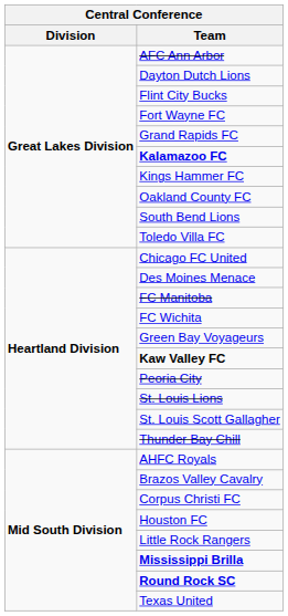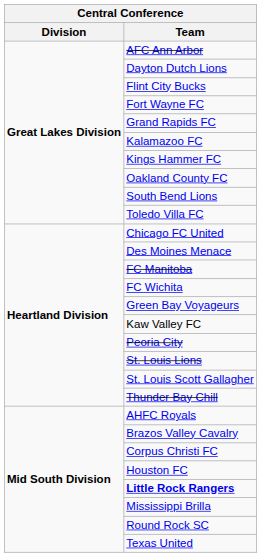 <table class="wikitable" style="text-align:left">
 <tr>
 <th colspan=3>Central Conference</th>
 </tr>
 <tr>
 <th>Division</th>
 <th>Team</th>
 </tr>
 <tr>
 <td rowspan=10><strong>Great Lakes Division</strong></td>
 <td><s><a href='#'>AFC Ann Arbor</a></s></td>
 </tr>
 <tr>
 <td><a href='#'>Dayton Dutch Lions</a></td>
 </tr>
 <tr>
 <td><a href='#'>Flint City Bucks</a></td>
 </tr>
 <tr>
 <td><a href='#'>Fort Wayne FC</a></td>
 </tr>
 <tr>
 <td><a href='#'>Grand Rapids FC</a></td>
 </tr>
 <tr>
-<td><strong><a href='#'>Kalamazoo FC</a></strong></td>
+<td><a href='#'>Kalamazoo FC</a></td>
 </tr>
 <tr>
 <td><a href='#'>Kings Hammer FC</a></td>
 </tr>
 <tr>
 <td><a href='#'>Oakland County FC</a></td>
 </tr>
 <tr>
 <td><a href='#'>South Bend Lions</a></td>
 </tr>
 <tr>
 <td><a href='#'>Toledo Villa FC</a></td>
 </tr>
 <tr>
 <td rowspan=10><strong>Heartland Division</strong></td>
 <td><a href='#'>Chicago FC United</a></td>
 </tr>
 <tr>
 <td><a href='#'>Des Moines Menace</a></td>
 </tr>
 <tr>
 <td><s><a href='#'>FC Manitoba</a></s></td>
 </tr>
 <tr>
 <td><a href='#'>FC Wichita</a></td>
 </tr>
 <tr>
 <td><a href='#'>Green Bay Voyageurs</a></td>
 </tr>
 <tr>
-<td><strong>Kaw Valley FC</strong></td>
+<td>Kaw Valley FC</td>
 </tr>
 <tr>
 <td><s><a href='#'>Peoria City</a></s></td>
 </tr>
 <tr>
 <td><s><a href='#'>St. Louis Lions</a></s></td>
 </tr>
 <tr>
 <td><a href='#'>St. Louis Scott Gallagher</a></td>
 </tr>
 <tr>
 <td><s><a href='#'>Thunder Bay Chill</a></s></td>
 </tr>
 <tr>
 <td rowspan=8><strong>Mid South Division</strong></td>
 <td><a href='#'>AHFC Royals</a></td>
 </tr>
 <tr>
 <td><a href='#'>Brazos Valley Cavalry</a></td>
 </tr>
 <tr>
 <td><a href='#'>Corpus Christi FC</a></td>
 </tr>
 <tr>
 <td><a href='#'>Houston FC</a></td>
 </tr>
 <tr>
-<td><a href='#'>Little Rock Rangers</a></td>
+<td><strong><a href='#'>Little Rock Rangers</a></strong></td>
 </tr>
 <tr>
-<td><strong><a href='#'>Mississippi Brilla</a></strong></td>
+<td><a href='#'>Mississippi Brilla</a></td>
 </tr>
 <tr>
-<td><strong><a href='#'>Round Rock SC</a></strong></td>
+<td><a href='#'>Round Rock SC</a></td>
 </tr>
 <tr>
 <td><a href='#'>Texas United</a></td>
 </tr>
 </table>
